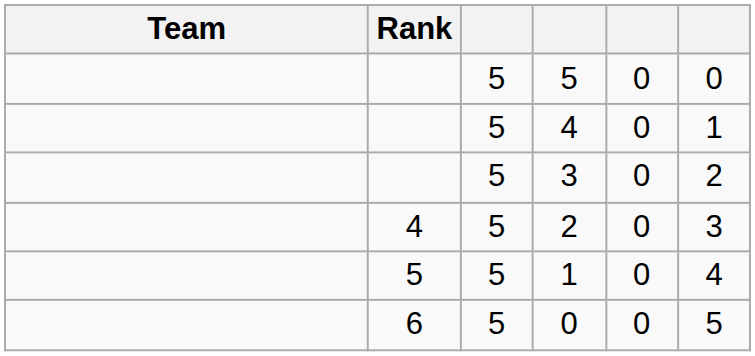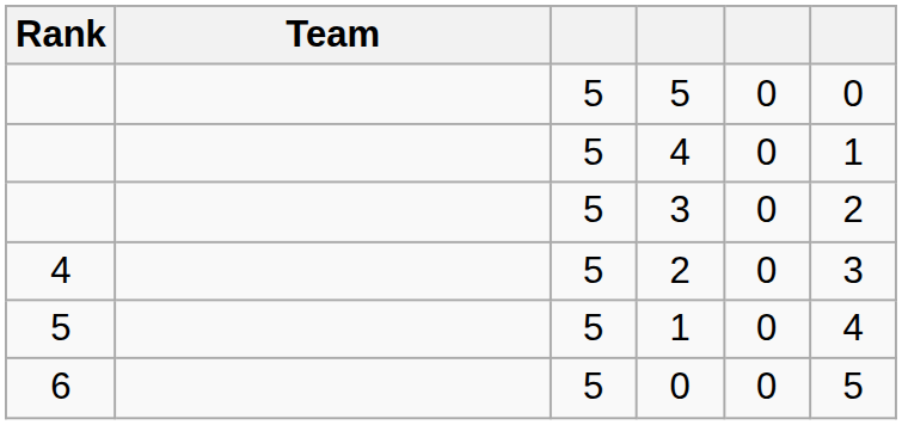 <table class="wikitable" style="text-align: center;">
 <tr>
+<th width=40>Rank</th>
 <th width=180>Team</th>
-<th width=40>Rank</th>
 <th width=30></th>
 <th width=30></th>
 <th width=30></th>
 <th width=30></th>
 </tr>
 <tr>
+<td></td>
 <td align=left></td>
-<td></td>
 <td>5</td>
 <td>5</td>
 <td>0</td>
 <td>0</td>
 </tr>
 <tr>
+<td></td>
 <td align=left></td>
-<td></td>
 <td>5</td>
 <td>4</td>
 <td>0</td>
 <td>1</td>
 </tr>
 <tr>
+<td></td>
 <td align=left></td>
-<td></td>
 <td>5</td>
 <td>3</td>
 <td>0</td>
 <td>2</td>
 </tr>
 <tr>
+<td>4</td>
 <td align=left></td>
-<td>4</td>
 <td>5</td>
 <td>2</td>
 <td>0</td>
 <td>3</td>
 </tr>
 <tr>
+<td>5</td>
 <td align=left></td>
-<td>5</td>
 <td>5</td>
 <td>1</td>
 <td>0</td>
 <td>4</td>
 </tr>
 <tr>
+<td>6</td>
 <td align=left></td>
-<td>6</td>
 <td>5</td>
 <td>0</td>
 <td>0</td>
 <td>5</td>
 </tr>
 </table>
